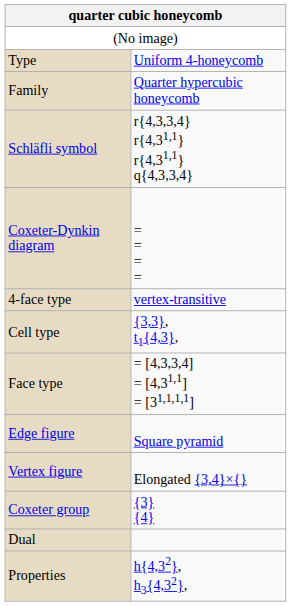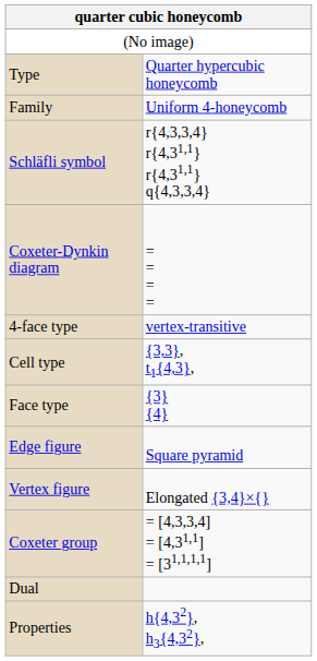 <table class="wikitable" align="right" style="margin-left:10px" width="320">
 <tr>
 <th bgcolor=#e7dcc3 colspan=2>quarter cubic honeycomb</th>
 </tr>
 <tr>
 <td bgcolor=#ffffff align=center colspan=2>(No image)</td>
 </tr>
 <tr>
 <td bgcolor=#e7dcc3>Type</td>
-<td><a href='#'>Uniform 4-honeycomb</a></td>
+<td><a href='#'>Quarter hypercubic honeycomb</a></td>
 </tr>
 <tr>
 <td bgcolor=#e7dcc3>Family</td>
-<td><a href='#'>Quarter hypercubic honeycomb</a></td>
+<td><a href='#'>Uniform 4-honeycomb</a></td>
 </tr>
 <tr>
 <td bgcolor=#e7dcc3><a href='#'>Schläfli symbol</a></td>
 <td>r{4,3,3,4}<br>r{4,3<sup>1,1</sup>}<br>r{4,3<sup>1,1</sup>}<br>q{4,3,3,4}</td>
 </tr>
 <tr>
 <td bgcolor=#e7dcc3><a href='#'>Coxeter-Dynkin diagram</a></td>
 <td><br><br>  = <br>  = <br>  = <br>  = </td>
 </tr>
 <tr>
 <td bgcolor=#e7dcc3>4-face type</td>
 <td><a href='#'>vertex-transitive</a></td>
 </tr>
 <tr>
 <td bgcolor=#e7dcc3>Cell type</td>
 <td><a href='#'>{3,3}</a>, <br><a href='#'>t<sub>1</sub>{4,3}</a>, </td>
 </tr>
 <tr>
 <td bgcolor=#e7dcc3>Face type</td>
-<td> = [4,3,3,4]<br> = [4,3<sup>1,1</sup>]<br> = [3<sup>1,1,1,1</sup>]</td>
+<td><a href='#'>{3}</a><br><a href='#'>{4}</a></td>
 </tr>
 <tr>
 <td bgcolor=#e7dcc3><a href='#'>Edge figure</a></td>
 <td><br><a href='#'>Square pyramid</a></td>
 </tr>
 <tr>
 <td bgcolor=#e7dcc3><a href='#'>Vertex figure</a></td>
 <td><br>Elongated <a href='#'>{3,4}×{}</a></td>
 </tr>
 <tr>
 <td bgcolor=#e7dcc3><a href='#'>Coxeter group</a></td>
-<td><a href='#'>{3}</a><br><a href='#'>{4}</a></td>
+<td> = [4,3,3,4]<br> = [4,3<sup>1,1</sup>]<br> = [3<sup>1,1,1,1</sup>]</td>
 </tr>
 <tr>
 <td bgcolor=#e7dcc3>Dual</td>
 <td></td>
 </tr>
 <tr>
 <td bgcolor=#e7dcc3>Properties</td>
 <td><a href='#'>h{4,3<sup>2</sup>}</a>, <br><a href='#'>h<sub>3</sub>{4,3<sup>2</sup>}</a>, </td>
 </tr>
 </table>
